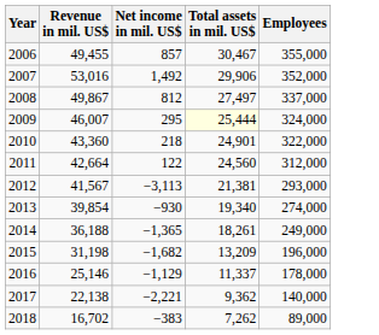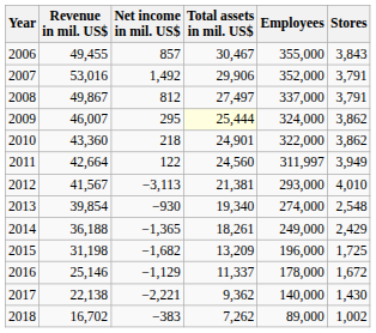 <table class="wikitable float-left" style="text-align: right;">
 <tr>
 <th>Year</th>
 <th>Revenue<br>in mil. US$</th>
 <th>Net income<br>in mil. US$</th>
 <th>Total assets<br>in mil. US$</th>
 <th>Employees</th>
+<th>Stores</th>
 </tr>
 <tr>
 <td>2006</td>
 <td>49,455</td>
 <td>857</td>
 <td>30,467</td>
 <td>355,000</td>
+<td>3,843</td>
 </tr>
 <tr>
 <td>2007</td>
 <td>53,016</td>
 <td>1,492</td>
 <td>29,906</td>
 <td>352,000</td>
+<td>3,791</td>
 </tr>
 <tr>
 <td>2008</td>
 <td>49,867</td>
 <td>812</td>
 <td>27,497</td>
 <td>337,000</td>
+<td>3,791</td>
 </tr>
 <tr>
 <td>2009</td>
 <td>46,007</td>
 <td>295</td>
 <td style="background: lightyellow;">25,444</td>
 <td>324,000</td>
+<td>3,862</td>
 </tr>
 <tr>
 <td>2010</td>
 <td>43,360</td>
 <td>218</td>
 <td>24,901</td>
 <td>322,000</td>
+<td>3,862</td>
 </tr>
 <tr>
 <td>2011</td>
 <td>42,664</td>
 <td>122</td>
 <td>24,560</td>
-<td>312,000</td>
+<td>311,997</td>
+<td>3,949</td>
 </tr>
 <tr>
 <td>2012</td>
 <td>41,567</td>
 <td>−3,113</td>
 <td>21,381</td>
 <td>293,000</td>
+<td>4,010</td>
 </tr>
 <tr>
 <td>2013</td>
 <td>39,854</td>
 <td>−930</td>
 <td>19,340</td>
 <td>274,000</td>
+<td>2,548</td>
 </tr>
 <tr>
 <td>2014</td>
 <td>36,188</td>
 <td>−1,365</td>
 <td>18,261</td>
 <td>249,000</td>
+<td>2,429</td>
 </tr>
 <tr>
 <td>2015</td>
 <td>31,198</td>
 <td>−1,682</td>
 <td>13,209</td>
 <td>196,000</td>
+<td>1,725</td>
 </tr>
 <tr>
 <td>2016</td>
 <td>25,146</td>
 <td>−1,129</td>
 <td>11,337</td>
 <td>178,000</td>
+<td>1,672</td>
 </tr>
 <tr>
 <td>2017</td>
 <td>22,138</td>
 <td>−2,221</td>
 <td>9,362</td>
 <td>140,000</td>
+<td>1,430</td>
 </tr>
 <tr>
 <td>2018</td>
 <td>16,702</td>
 <td>−383</td>
 <td>7,262</td>
 <td>89,000</td>
+<td>1,002</td>
 </tr>
 </table>
